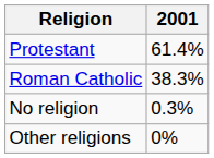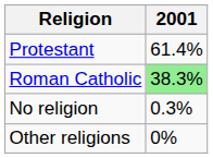 <table class="wikitable">
 <tr>
 <th>Religion</th>
 <th>2001</th>
 </tr>
 <tr>
 <td><a href='#'>Protestant</a></td>
 <td>61.4%</td>
 </tr>
 <tr>
 <td><a href='#'>Roman Catholic</a></td>
-<td>38.3%</td>
+<td style="background: lightgreen;">38.3%</td>
 </tr>
 <tr>
 <td>No religion</td>
 <td>0.3%</td>
 </tr>
 <tr>
 <td>Other religions</td>
 <td>0%</td>
 </tr>
 </table>
